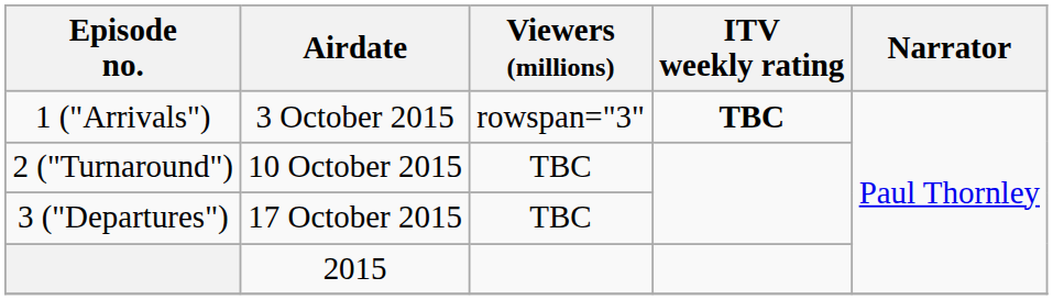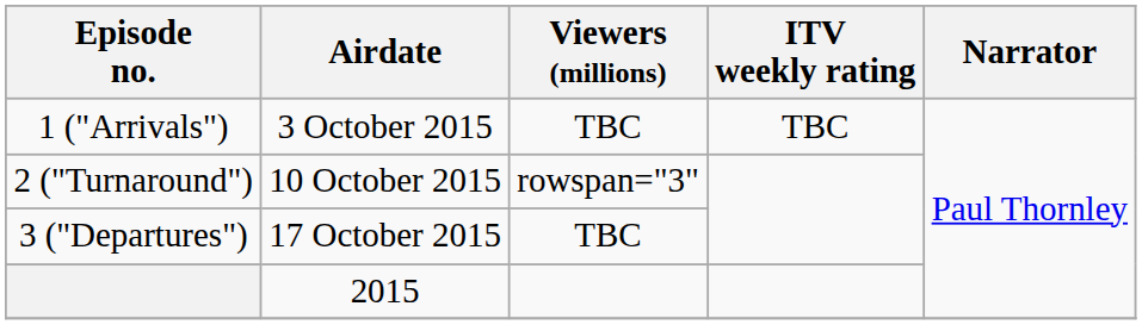 <table class="wikitable" style="text-align:center">
 <tr>
 <th scope="col">Episode<br>no.</th>
 <th scope="col">Airdate</th>
 <th scope="col">Viewers<br><small>(millions)</small></th>
 <th scope="col">ITV<br>weekly rating</th>
 <th scope="col">Narrator</th>
 </tr>
 <tr>
 <td>1 ("Arrivals")</td>
 <td>3 October 2015</td>
-<td>rowspan="3" </td>
-<td><strong>TBC</strong></td>
+<td>TBC</td>
+<td>TBC</td>
 <td rowspan="4"><a href='#'>Paul Thornley</a></td>
 </tr>
 <tr>
 <td>2 ("Turnaround")</td>
 <td>10 October 2015</td>
-<td>TBC</td>
+<td>rowspan="3" </td>
 </tr>
 <tr>
 <td>3 ("Departures")</td>
 <td>17 October 2015</td>
 <td>TBC</td>
 </tr>
 <tr>
 <th></th>
 <td>2015</td>
 <td></td>
 <td></td>
 </tr>
 <tr>
 </tr>
 </table>
